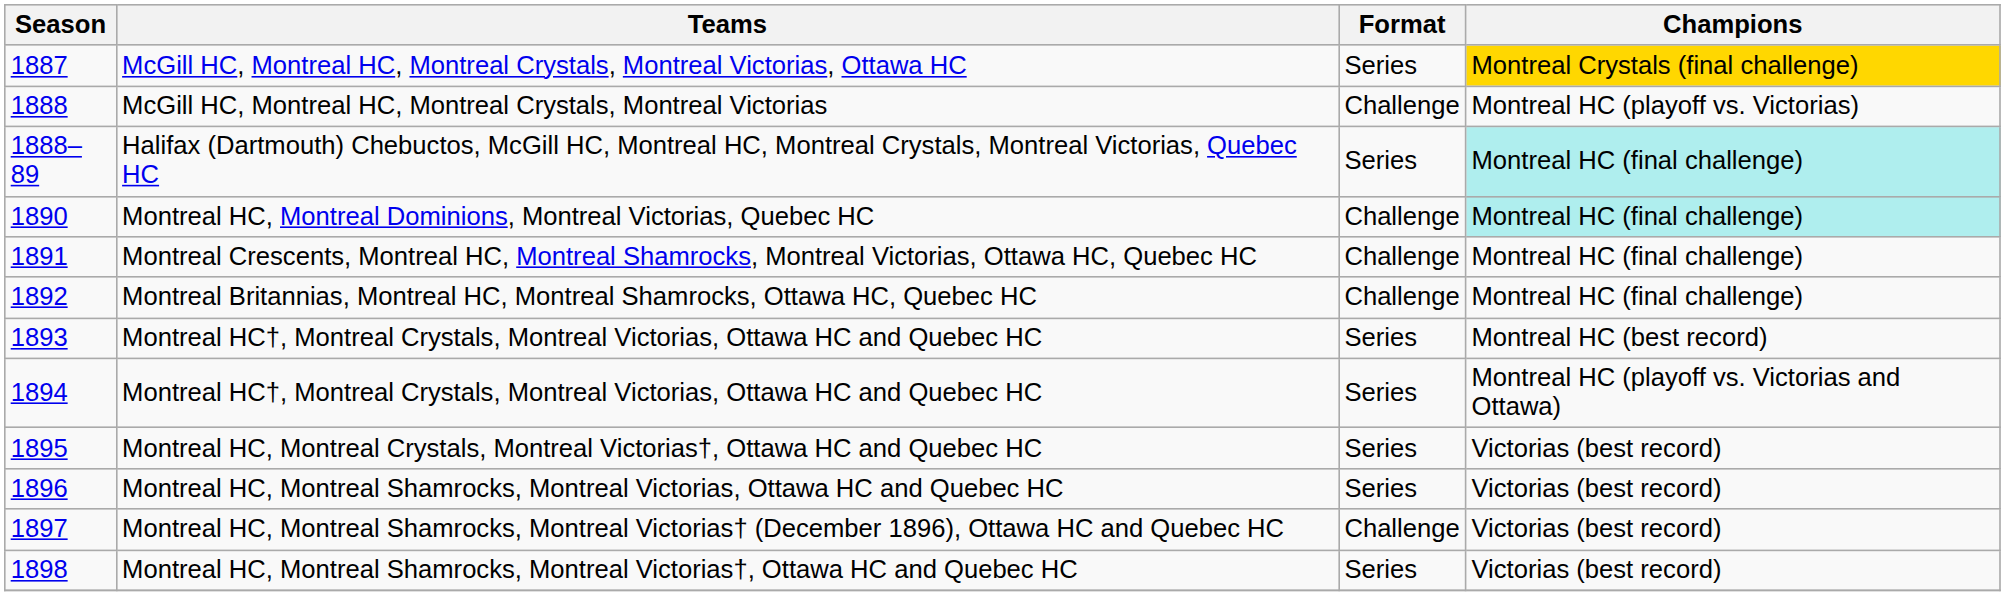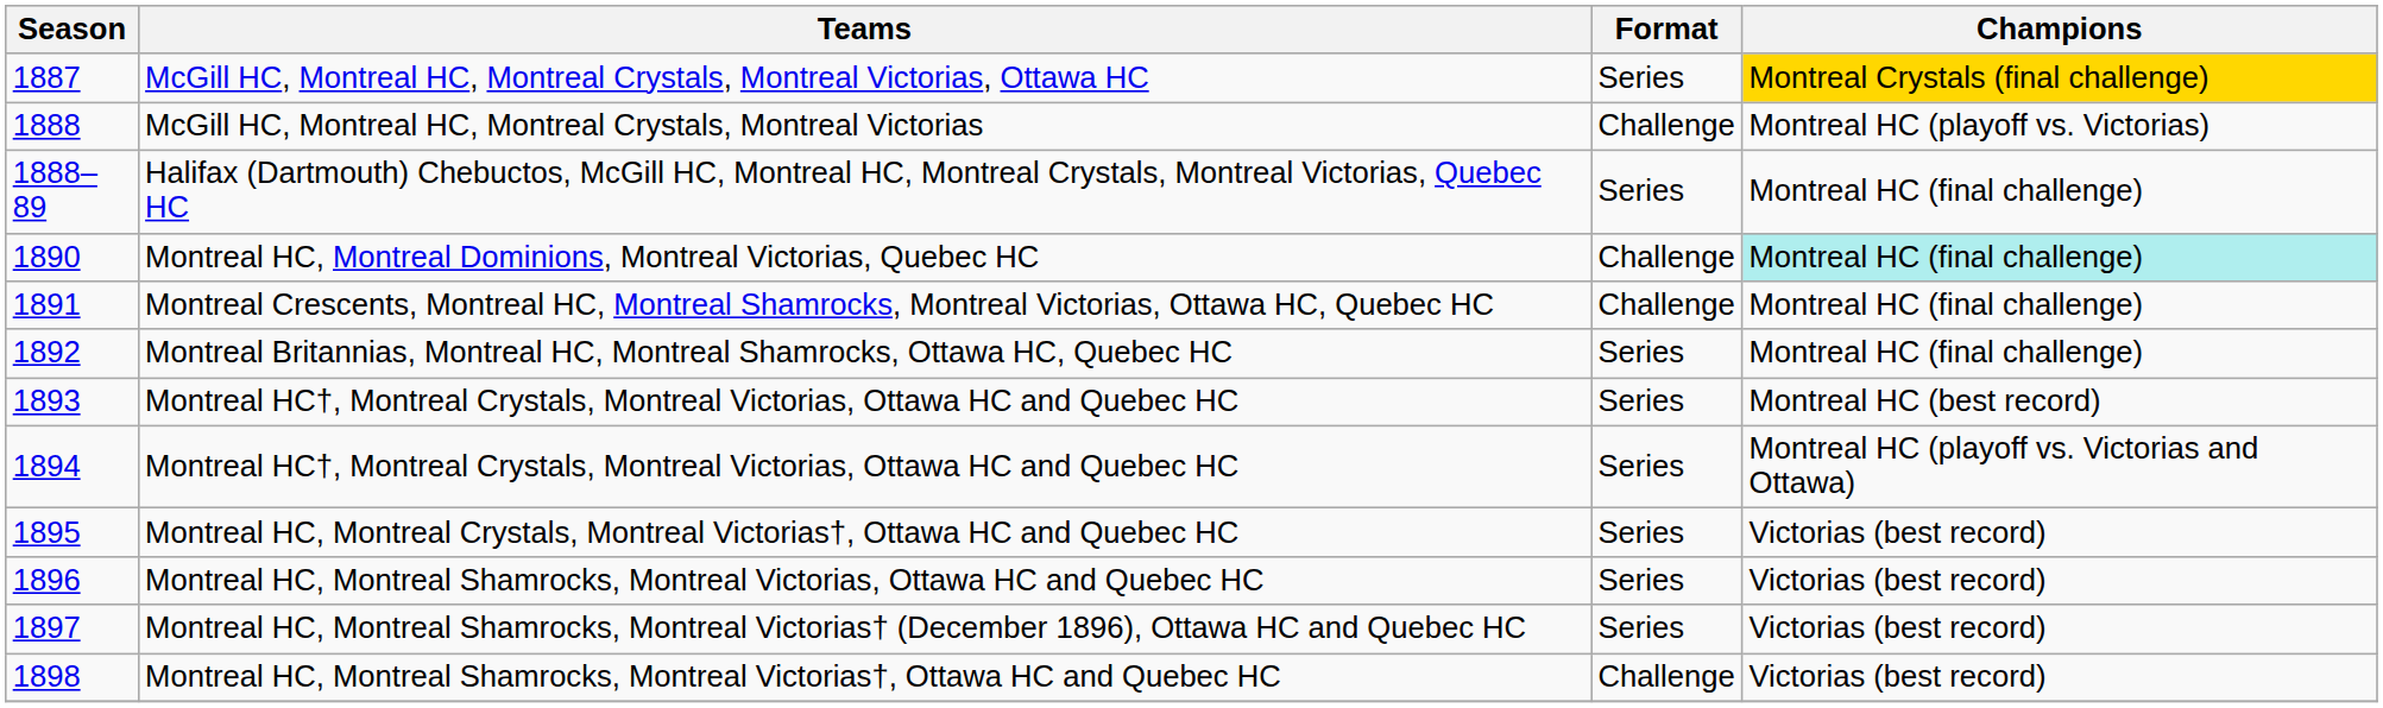 <table class="wikitable">
 <tr>
 <th>Season</th>
 <th>Teams</th>
 <th>Format</th>
 <th>Champions</th>
 </tr>
 <tr>
 <td><a href='#'>1887</a></td>
 <td><a href='#'>McGill HC</a>, <a href='#'>Montreal HC</a>, <a href='#'>Montreal Crystals</a>, <a href='#'>Montreal Victorias</a>, <a href='#'>Ottawa HC</a></td>
 <td>Series</td>
 <td style="background: gold;">Montreal Crystals (final challenge)</td>
 </tr>
 <tr>
 <td><a href='#'>1888</a></td>
 <td>McGill HC, Montreal HC, Montreal Crystals, Montreal Victorias</td>
 <td>Challenge</td>
 <td>Montreal HC (playoff vs. Victorias)</td>
 </tr>
 <tr>
 <td><a href='#'>1888–89</a></td>
 <td>Halifax (Dartmouth) Chebuctos, McGill HC, Montreal HC, Montreal Crystals, Montreal Victorias, <a href='#'>Quebec HC</a></td>
 <td>Series</td>
-<td style="background: paleturquoise;">Montreal HC (final challenge)</td>
+<td>Montreal HC (final challenge)</td>
 </tr>
 <tr>
 <td><a href='#'>1890</a></td>
 <td>Montreal HC, <a href='#'>Montreal Dominions</a>, Montreal Victorias, Quebec HC</td>
 <td>Challenge</td>
 <td style="background: paleturquoise;">Montreal HC (final challenge)</td>
 </tr>
 <tr>
 <td><a href='#'>1891</a></td>
 <td>Montreal Crescents, Montreal HC, <a href='#'>Montreal Shamrocks</a>, Montreal Victorias, Ottawa HC, Quebec HC</td>
 <td>Challenge</td>
 <td>Montreal HC (final challenge)</td>
 </tr>
 <tr>
 <td><a href='#'>1892</a></td>
 <td>Montreal Britannias, Montreal HC, Montreal Shamrocks, Ottawa HC, Quebec HC</td>
-<td>Challenge</td>
+<td>Series</td>
 <td>Montreal HC (final challenge)</td>
 </tr>
 <tr>
 <td><a href='#'>1893</a></td>
 <td>Montreal HC†, Montreal Crystals, Montreal Victorias, Ottawa HC and Quebec HC</td>
 <td>Series</td>
 <td>Montreal HC (best record)</td>
 </tr>
 <tr>
 <td><a href='#'>1894</a></td>
 <td>Montreal HC†, Montreal Crystals, Montreal Victorias, Ottawa HC and Quebec HC</td>
 <td>Series</td>
 <td>Montreal HC (playoff vs. Victorias and Ottawa)</td>
 </tr>
 <tr>
 <td><a href='#'>1895</a></td>
 <td>Montreal HC, Montreal Crystals, Montreal Victorias†, Ottawa HC and Quebec HC</td>
 <td>Series</td>
 <td>Victorias (best record)</td>
 </tr>
 <tr>
 <td><a href='#'>1896</a></td>
 <td>Montreal HC, Montreal Shamrocks, Montreal Victorias, Ottawa HC and Quebec HC</td>
 <td>Series</td>
 <td>Victorias (best record)</td>
 </tr>
 <tr>
 <td><a href='#'>1897</a></td>
 <td>Montreal HC, Montreal Shamrocks, Montreal Victorias† (December 1896), Ottawa HC and Quebec HC</td>
-<td>Challenge</td>
+<td>Series</td>
 <td>Victorias (best record)</td>
 </tr>
 <tr>
 <td><a href='#'>1898</a></td>
 <td>Montreal HC, Montreal Shamrocks, Montreal Victorias†, Ottawa HC and Quebec HC</td>
-<td>Series</td>
+<td>Challenge</td>
 <td>Victorias (best record)</td>
 </tr>
 <tr>
 </tr>
 </table>
